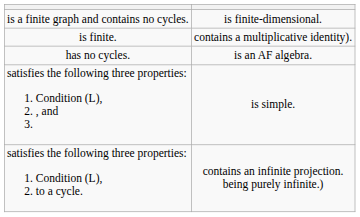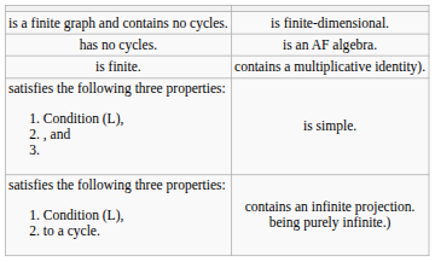 <table class="wikitable" style="text-align: center;">
 <tr>
 <th></th>
 <th></th>
 </tr>
 <tr>
 <td> is a finite graph and contains no cycles.</td>
 <td> is finite-dimensional.</td>
 </tr>
 <tr>
+<td> has no cycles.</td>
+<td> is an AF algebra.</td>
+</tr>
+<tr>
 <td> is finite.</td>
 <td> contains a multiplicative identity).</td>
-</tr>
-<tr>
-<td> has no cycles.</td>
-<td> is an AF algebra.</td>
 </tr>
 <tr>
 <td style="text-align:left;"> satisfies the following three properties:<br><ol><li>Condition (L),</li><li>, and</li><li></li></ol></td>
 <td> is simple.</td>
 </tr>
 <tr>
 <td style="text-align:left;"> satisfies the following three properties:<br><ol><li>Condition (L),</li><li> to a cycle.</li></ol></td>
 <td> contains an infinite projection.  <br> being purely infinite.)</td>
 </tr>
 </table>
